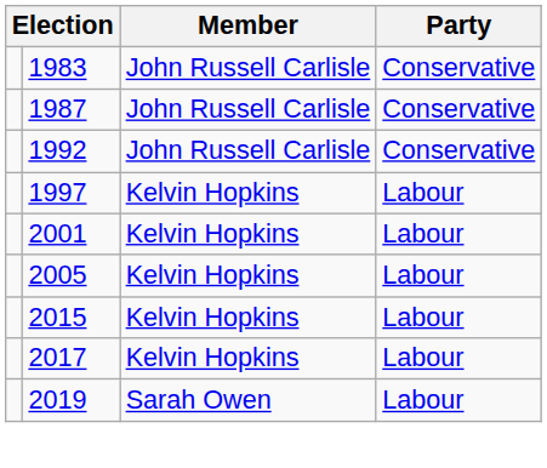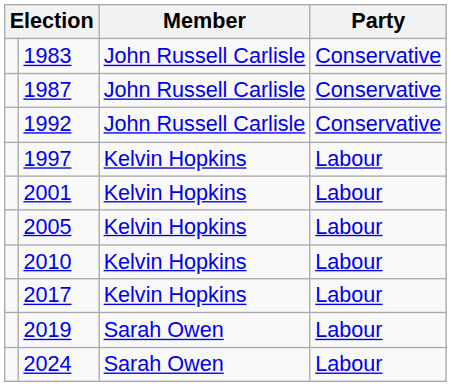 <table class="wikitable">
 <tr>
 <th colspan="2">Election</th>
 <th>Member</th>
 <th>Party</th>
 </tr>
 <tr>
 <td style="background-color: "></td>
 <td><a href='#'>1983</a></td>
 <td><a href='#'>John Russell Carlisle</a></td>
 <td><a href='#'>Conservative</a></td>
 </tr>
 <tr>
 <td style="background-color: "></td>
 <td><a href='#'>1987</a></td>
 <td><a href='#'>John Russell Carlisle</a></td>
 <td><a href='#'>Conservative</a></td>
 </tr>
 <tr>
 <td style="background-color: "></td>
 <td><a href='#'>1992</a></td>
 <td><a href='#'>John Russell Carlisle</a></td>
 <td><a href='#'>Conservative</a></td>
 </tr>
 <tr>
 <td style="background-color: "></td>
 <td><a href='#'>1997</a></td>
 <td><a href='#'>Kelvin Hopkins</a></td>
 <td><a href='#'>Labour</a></td>
 </tr>
 <tr>
 <td style="background-color: "></td>
 <td><a href='#'>2001</a></td>
 <td><a href='#'>Kelvin Hopkins</a></td>
 <td><a href='#'>Labour</a></td>
 </tr>
 <tr>
 <td style="background-color: "></td>
 <td><a href='#'>2005</a></td>
 <td><a href='#'>Kelvin Hopkins</a></td>
 <td><a href='#'>Labour</a></td>
 </tr>
 <tr>
 <td style="background-color: "></td>
-<td><a href='#'>2015</a></td>
+<td><a href='#'>2010</a></td>
 <td><a href='#'>Kelvin Hopkins</a></td>
 <td><a href='#'>Labour</a></td>
 </tr>
 <tr>
 <td style="background-color: "></td>
 <td><a href='#'>2017</a></td>
 <td><a href='#'>Kelvin Hopkins</a></td>
 <td><a href='#'>Labour</a></td>
 </tr>
 <tr>
 <td style="background-color: "></td>
 <td><a href='#'>2019</a></td>
 <td><a href='#'>Sarah Owen</a></td>
 <td><a href='#'>Labour</a></td>
 </tr>
+<tr>
+<td style="background-color: "></td>
+<td><a href='#'>2024</a></td>
+<td><a href='#'>Sarah Owen</a></td>
+<td><a href='#'>Labour</a></td>
+</tr>
 </table>
